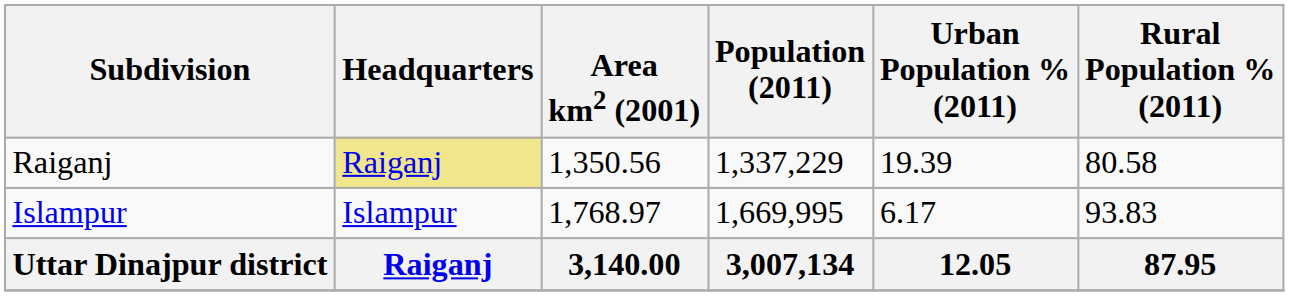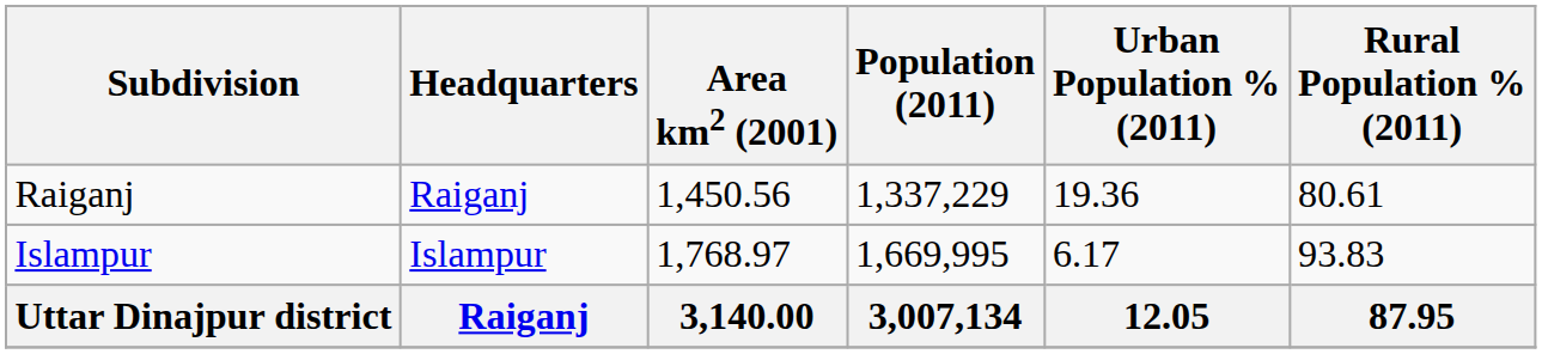 <table class="wikitable sortable">
 <tr>
 <th>Subdivision</th>
 <th>Headquarters</th>
 <th><br>Area<br>km<sup>2</sup> (2001)</th>
 <th>Population<br>(2011)</th>
 <th>Urban<br>Population %<br>(2011)</th>
 <th>Rural<br> Population % <br>(2011)</th>
 </tr>
 <tr>
 <td>Raiganj</td>
-<td style="background: khaki;"><a href='#'>Raiganj</a></td>
-<td>1,350.56</td>
+<td><a href='#'>Raiganj</a></td>
+<td>1,450.56</td>
 <td>1,337,229</td>
-<td>19.39</td>
-<td>80.58</td>
+<td>19.36</td>
+<td>80.61</td>
 </tr>
 <tr>
 <td><a href='#'>Islampur</a></td>
 <td><a href='#'>Islampur</a></td>
 <td>1,768.97</td>
 <td>1,669,995</td>
 <td>6.17</td>
 <td>93.83</td>
 </tr>
 <tr>
 <th>Uttar Dinajpur district</th>
 <th><a href='#'>Raiganj</a></th>
 <th>3,140.00</th>
 <th>3,007,134</th>
 <th>12.05</th>
 <th>87.95</th>
 </tr>
 <tr>
 </tr>
 </table>
